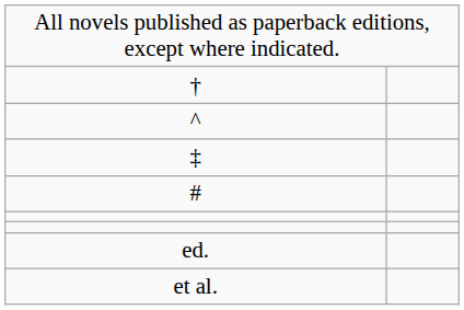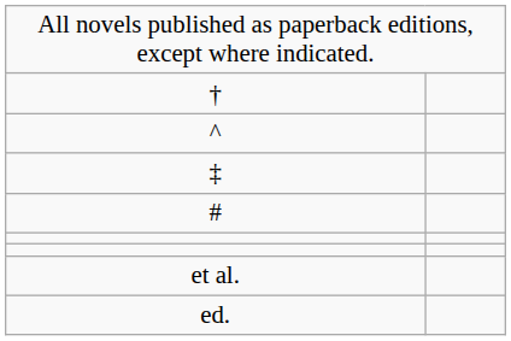 <table class="wikitable floatright" style="text-align: center; width: 20em;">
 <tr>
 <td colspan="2">All novels published as paperback editions, except where indicated.</td>
 </tr>
 <tr>
 <td>†</td>
 <td></td>
 </tr>
 <tr>
 <td>^</td>
 <td></td>
 </tr>
 <tr>
 <td>‡</td>
 <td></td>
 </tr>
 <tr>
 <td>#</td>
 <td></td>
 </tr>
 <tr>
 <td><em></em></td>
 <td></td>
 </tr>
 <tr>
 <td><em></em></td>
 <td></td>
 </tr>
 <tr>
+<td>et al.</td>
+<td></td>
+</tr>
+<tr>
 <td>ed.</td>
 <td></td>
 </tr>
-<tr>
-<td>et al.</td>
-<td></td>
-</tr>
 </table>
